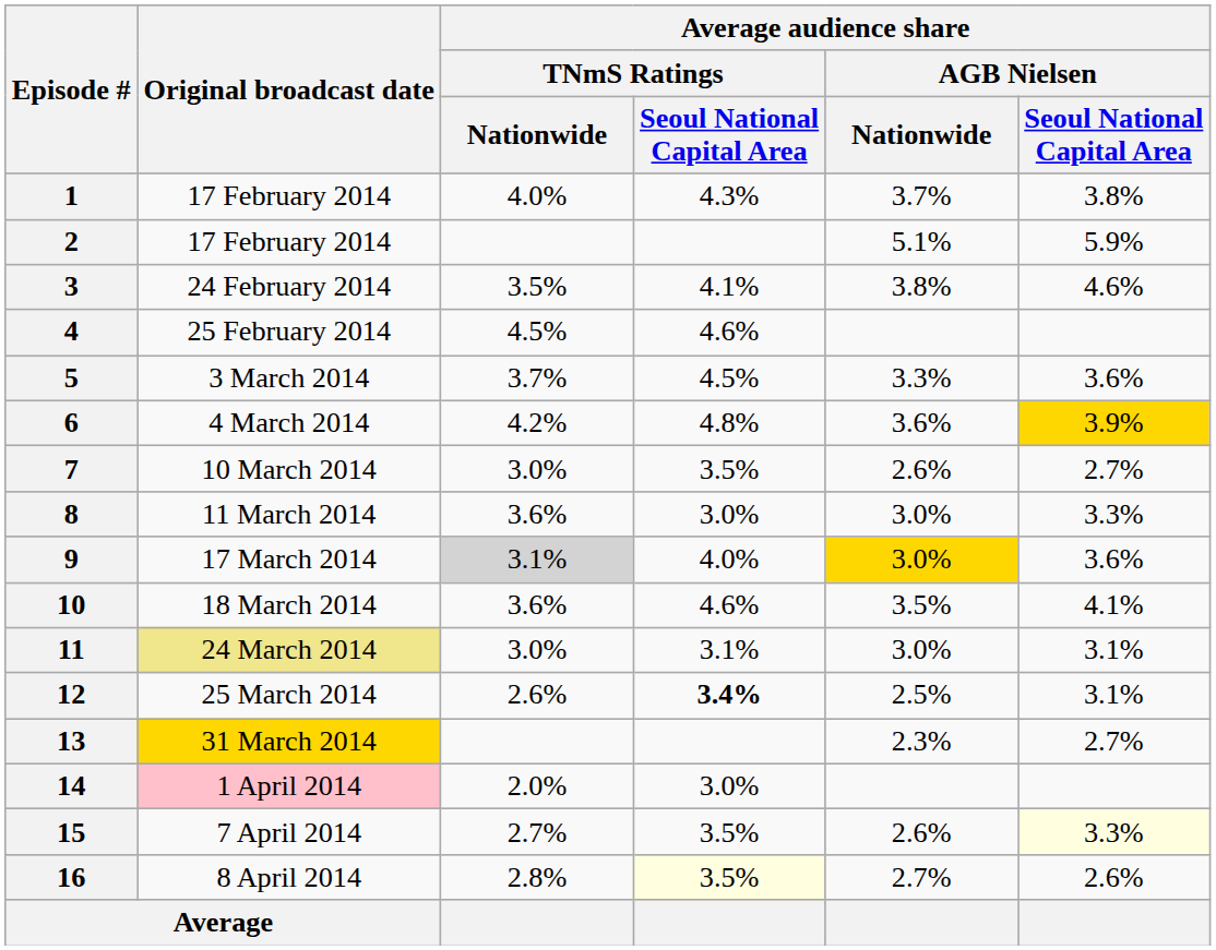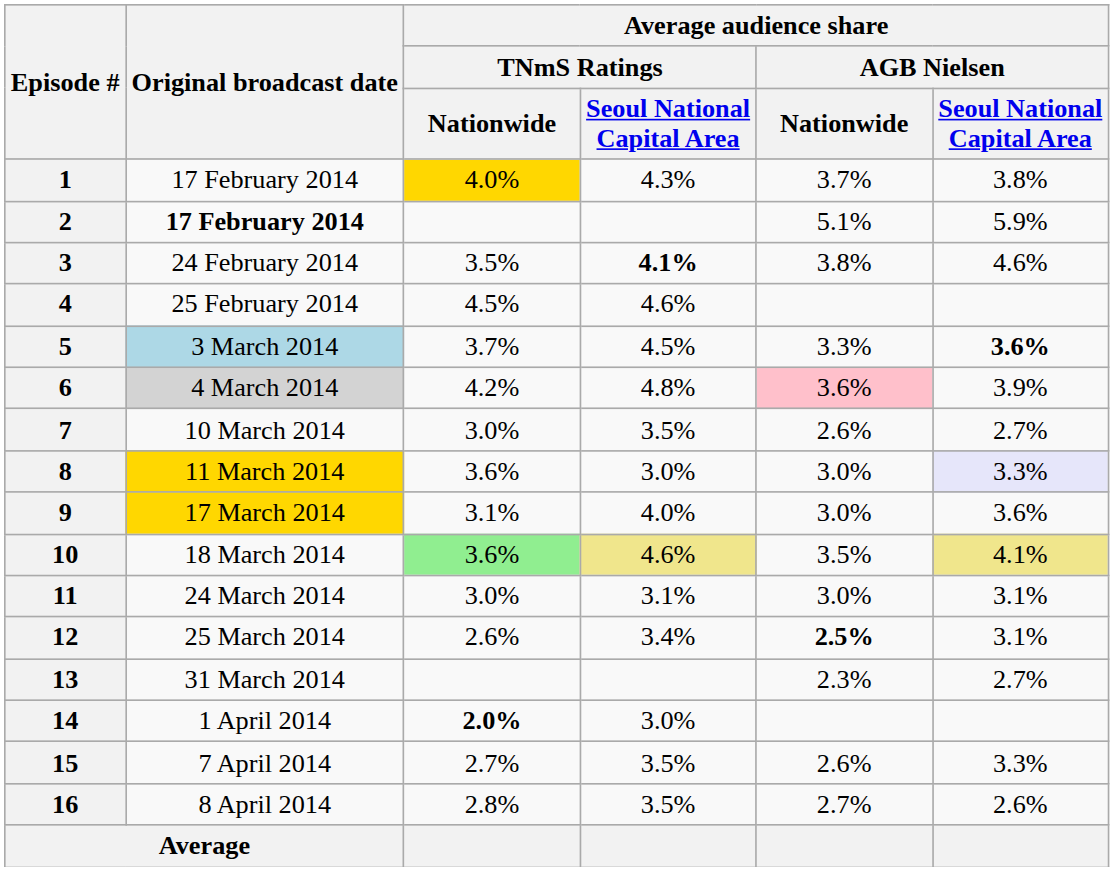 <table class=wikitable style="text-align:center">
 <tr>
 <th rowspan="3">Episode #</th>
 <th rowspan="3">Original broadcast date</th>
 <th colspan="4">Average audience share</th>
 </tr>
 <tr>
 <th colspan="2">TNmS Ratings</th>
 <th colspan="2">AGB Nielsen</th>
 </tr>
 <tr>
 <th width=100>Nationwide</th>
 <th width=100><a href='#'>Seoul National Capital Area</a></th>
 <th width=100>Nationwide</th>
 <th width=100><a href='#'>Seoul National Capital Area</a></th>
 </tr>
 <tr>
 <th>1</th>
 <td>17 February 2014</td>
-<td>4.0%</td>
+<td style="background: gold;">4.0%</td>
 <td>4.3%</td>
 <td>3.7%</td>
 <td>3.8%</td>
 </tr>
 <tr>
 <th>2</th>
-<td>17 February 2014</td>
+<td><strong>17 February 2014</strong></td>
 <td></td>
 <td></td>
 <td>5.1%</td>
 <td>5.9%</td>
 </tr>
 <tr>
 <th>3</th>
 <td>24 February 2014</td>
 <td>3.5%</td>
-<td>4.1%</td>
+<td><strong>4.1%</strong></td>
 <td>3.8%</td>
 <td>4.6%</td>
 </tr>
 <tr>
 <th>4</th>
 <td>25 February 2014</td>
 <td>4.5%</td>
 <td>4.6%</td>
 <td></td>
 <td></td>
 </tr>
 <tr>
 <th>5</th>
-<td>3 March 2014</td>
+<td style="background: lightblue;">3 March 2014</td>
 <td>3.7%</td>
 <td>4.5%</td>
 <td>3.3%</td>
-<td>3.6%</td>
+<td><strong>3.6%</strong></td>
 </tr>
 <tr>
 <th>6</th>
-<td>4 March 2014</td>
+<td style="background: lightgrey;">4 March 2014</td>
 <td>4.2%</td>
 <td>4.8%</td>
-<td>3.6%</td>
-<td style="background: gold;">3.9%</td>
+<td style="background: pink;">3.6%</td>
+<td>3.9%</td>
 </tr>
 <tr>
 <th>7</th>
 <td>10 March 2014</td>
 <td>3.0%</td>
 <td>3.5%</td>
 <td>2.6%</td>
 <td>2.7%</td>
 </tr>
 <tr>
 <th>8</th>
-<td>11 March 2014</td>
+<td style="background: gold;">11 March 2014</td>
 <td>3.6%</td>
 <td>3.0%</td>
 <td>3.0%</td>
-<td>3.3%</td>
+<td style="background: lavender;">3.3%</td>
 </tr>
 <tr>
 <th>9</th>
-<td>17 March 2014</td>
-<td style="background: lightgrey;">3.1%</td>
+<td style="background: gold;">17 March 2014</td>
+<td>3.1%</td>
 <td>4.0%</td>
-<td style="background: gold;">3.0%</td>
+<td>3.0%</td>
 <td>3.6%</td>
 </tr>
 <tr>
 <th>10</th>
 <td>18 March 2014</td>
-<td>3.6%</td>
-<td>4.6%</td>
+<td style="background: lightgreen;">3.6%</td>
+<td style="background: khaki;">4.6%</td>
 <td>3.5%</td>
-<td>4.1%</td>
+<td style="background: khaki;">4.1%</td>
 </tr>
 <tr>
 <th>11</th>
-<td style="background: khaki;">24 March 2014</td>
+<td>24 March 2014</td>
 <td>3.0%</td>
 <td>3.1%</td>
 <td>3.0%</td>
 <td>3.1%</td>
 </tr>
 <tr>
 <th>12</th>
 <td>25 March 2014</td>
 <td>2.6%</td>
-<td><strong>3.4%</strong></td>
-<td>2.5%</td>
+<td>3.4%</td>
+<td><strong>2.5%</strong></td>
 <td>3.1%</td>
 </tr>
 <tr>
 <th>13</th>
-<td style="background: gold;">31 March 2014</td>
+<td>31 March 2014</td>
 <td></td>
 <td></td>
 <td>2.3%</td>
 <td>2.7%</td>
 </tr>
 <tr>
 <th>14</th>
-<td style="background: pink;">1 April 2014</td>
-<td>2.0%</td>
+<td>1 April 2014</td>
+<td><strong>2.0%</strong></td>
 <td>3.0%</td>
 <td></td>
 <td></td>
 </tr>
 <tr>
 <th>15</th>
 <td>7 April 2014</td>
 <td>2.7%</td>
 <td>3.5%</td>
 <td>2.6%</td>
-<td style="background: lightyellow;">3.3%</td>
+<td>3.3%</td>
 </tr>
 <tr>
 <th>16</th>
 <td>8 April 2014</td>
 <td>2.8%</td>
-<td style="background: lightyellow;">3.5%</td>
+<td>3.5%</td>
 <td>2.7%</td>
 <td>2.6%</td>
 </tr>
 <tr>
 <th colspan=2>Average</th>
 <th></th>
 <th></th>
 <th></th>
 <th></th>
 </tr>
 </table>
